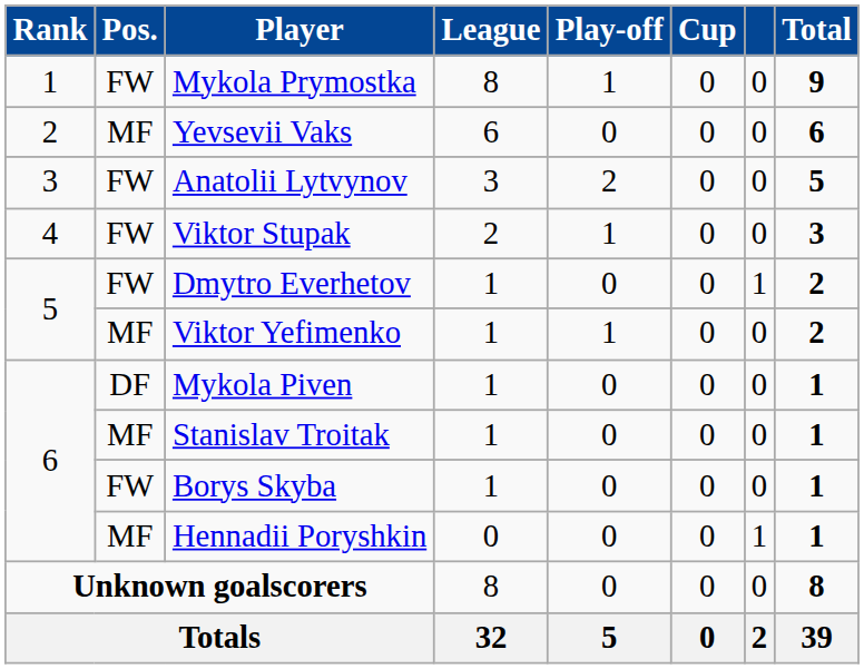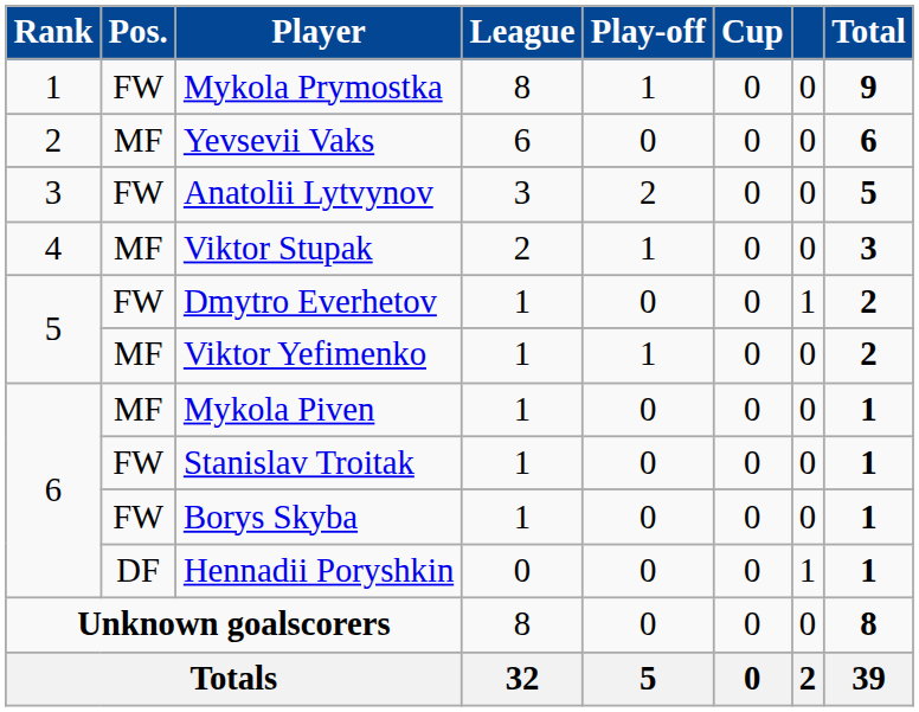 <table class="wikitable sortable" style="text-align:center;">
 <tr>
 <th style=background-color:#034694;color:#FFFFFF>Rank</th>
 <th style=background-color:#034694;color:#FFFFFF>Pos.</th>
 <th style=background-color:#034694;color:#FFFFFF>Player</th>
 <th style=background-color:#034694;color:#FFFFFF>League</th>
 <th style=background-color:#034694;color:#FFFFFF>Play-off</th>
 <th style=background-color:#034694;color:#FFFFFF>Cup</th>
 <th style=background-color:#034694;color:#FFFFFF></th>
 <th style=background-color:#034694;color:#FFFFFF>Total</th>
 </tr>
 <tr>
 <td>1</td>
 <td>FW</td>
 <td align=left><a href='#'>Mykola Prymostka</a></td>
 <td>8</td>
 <td>1</td>
 <td>0</td>
 <td>0</td>
 <td><strong>9</strong></td>
 </tr>
 <tr>
 <td>2</td>
 <td>MF</td>
 <td align=left><a href='#'>Yevsevii Vaks</a></td>
 <td>6</td>
 <td>0</td>
 <td>0</td>
 <td>0</td>
 <td><strong>6</strong></td>
 </tr>
 <tr>
 <td>3</td>
 <td>FW</td>
 <td align=left><a href='#'>Anatolii Lytvynov</a></td>
 <td>3</td>
 <td>2</td>
 <td>0</td>
 <td>0</td>
 <td><strong>5</strong></td>
 </tr>
 <tr>
 <td>4</td>
-<td>FW</td>
+<td>MF</td>
 <td align=left><a href='#'>Viktor Stupak</a></td>
 <td>2</td>
 <td>1</td>
 <td>0</td>
 <td>0</td>
 <td><strong>3</strong></td>
 </tr>
 <tr>
 <td rowspan="2">5</td>
 <td>FW</td>
 <td align=left><a href='#'>Dmytro Everhetov</a></td>
 <td>1</td>
 <td>0</td>
 <td>0</td>
 <td>1</td>
 <td><strong>2</strong></td>
 </tr>
 <tr>
 <td>MF</td>
 <td align=left><a href='#'>Viktor Yefimenko</a></td>
 <td>1</td>
 <td>1</td>
 <td>0</td>
 <td>0</td>
 <td><strong>2</strong></td>
 </tr>
 <tr>
 <td rowspan="4">6</td>
-<td>DF</td>
+<td>MF</td>
 <td align=left><a href='#'>Mykola Piven</a></td>
 <td>1</td>
 <td>0</td>
 <td>0</td>
 <td>0</td>
 <td><strong>1</strong></td>
 </tr>
 <tr>
-<td>MF</td>
+<td>FW</td>
 <td align=left><a href='#'>Stanislav Troitak</a></td>
 <td>1</td>
 <td>0</td>
 <td>0</td>
 <td>0</td>
 <td><strong>1</strong></td>
 </tr>
 <tr>
 <td>FW</td>
 <td align=left><a href='#'>Borys Skyba</a></td>
 <td>1</td>
 <td>0</td>
 <td>0</td>
 <td>0</td>
 <td><strong>1</strong></td>
 </tr>
 <tr>
-<td>MF</td>
+<td>DF</td>
 <td align=left><a href='#'>Hennadii Poryshkin</a></td>
 <td>0</td>
 <td>0</td>
 <td>0</td>
 <td>1</td>
 <td><strong>1</strong></td>
 </tr>
 <tr>
 <td colspan="3"><strong>Unknown goalscorers</strong></td>
 <td>8</td>
 <td>0</td>
 <td>0</td>
 <td>0</td>
 <td><strong>8</strong></td>
 </tr>
 <tr>
 <th colspan=3><strong>Totals</strong></th>
 <th><strong>32</strong></th>
 <th><strong>5</strong></th>
 <th><strong>0</strong></th>
 <th><strong>2</strong></th>
 <th>39</th>
 </tr>
 </table>
